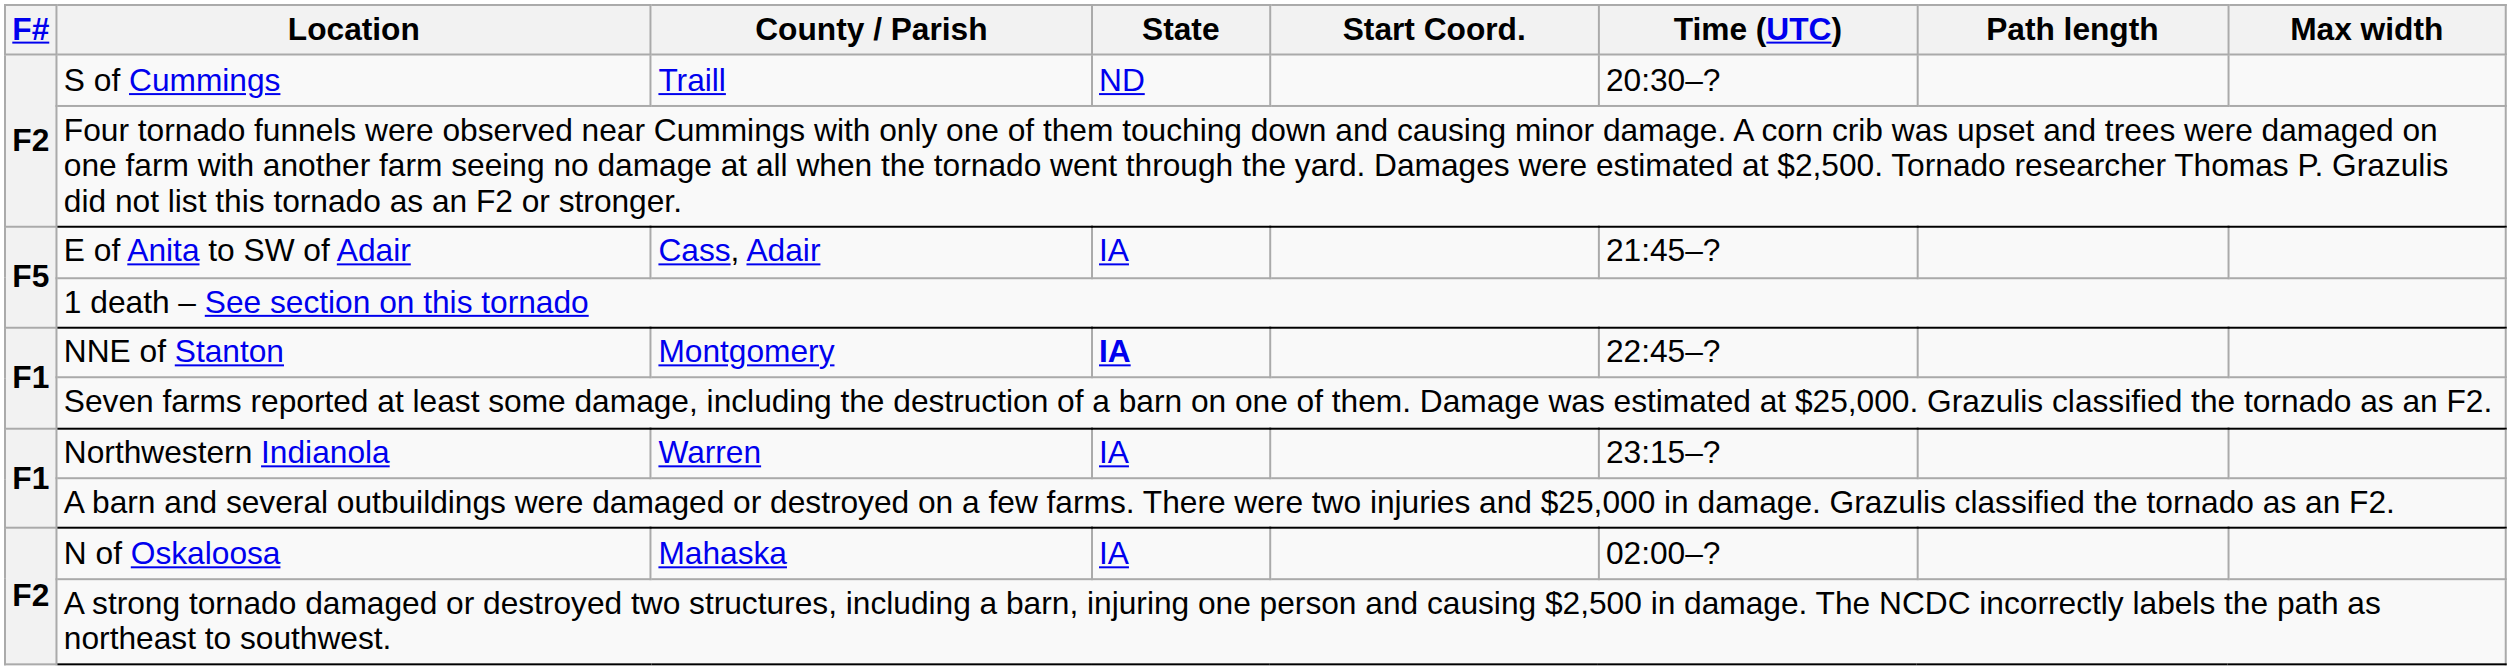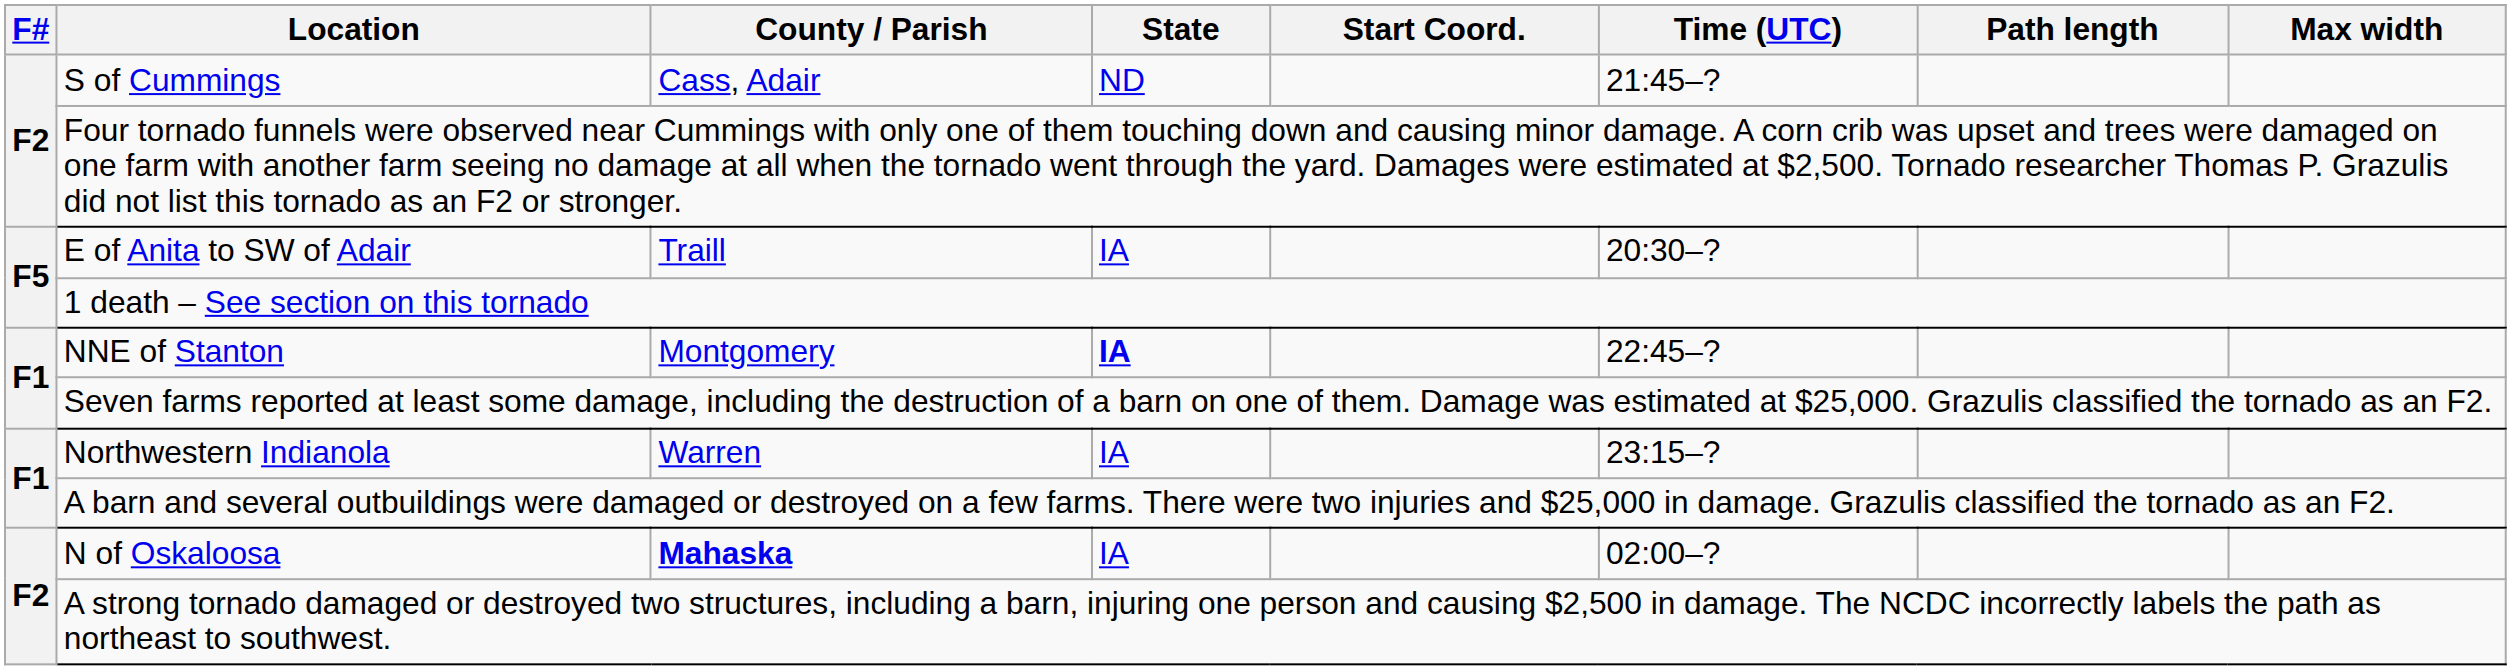 <table class="wikitable sortable" style="width:100%;">
 <tr>
 <th scope="col" width="2%" align="center"><a href='#'>F#</a></th>
 <th scope="col" align="center" class="unsortable">Location</th>
 <th scope="col" align="center" class="unsortable">County / Parish</th>
 <th scope="col" align="center">State</th>
 <th scope="col" align="center">Start Coord.</th>
 <th scope="col" align="center">Time (<a href='#'>UTC</a>)</th>
 <th scope="col" align="center">Path length</th>
 <th scope="col" align="center">Max width</th>
 </tr>
 <tr>
 <th scope="row" rowspan="2" style="background-color:#">F2</th>
 <td>S of <a href='#'>Cummings</a></td>
-<td><a href='#'>Traill</a></td>
+<td><a href='#'>Cass</a>, <a href='#'>Adair</a></td>
 <td><a href='#'>ND</a></td>
 <td></td>
-<td>20:30–?</td>
+<td>21:45–?</td>
 <td></td>
 <td></td>
 </tr>
 <tr class="expand-child">
 <td colspan="8" style=" border-bottom: 1px solid black;">Four tornado funnels were observed near Cummings with only one of them touching down and causing minor damage. A corn crib was upset and trees were damaged on one farm with another farm seeing no damage at all when the tornado went through the yard. Damages were estimated at $2,500. Tornado researcher Thomas P. Grazulis did not list this tornado as an F2 or stronger.</td>
 </tr>
 <tr>
 <th scope="row" rowspan="2" style="background-color:#">F5</th>
 <td>E of <a href='#'>Anita</a> to SW of <a href='#'>Adair</a></td>
-<td><a href='#'>Cass</a>, <a href='#'>Adair</a></td>
+<td><a href='#'>Traill</a></td>
 <td><a href='#'>IA</a></td>
 <td></td>
-<td>21:45–?</td>
+<td>20:30–?</td>
 <td></td>
 <td></td>
 </tr>
 <tr class="expand-child">
 <td colspan="8" style=" border-bottom: 1px solid black;">1 death – <a href='#'>See section on this tornado</a></td>
 </tr>
 <tr>
 <th scope="row" rowspan="2" style="background-color:#">F1</th>
 <td>NNE of <a href='#'>Stanton</a></td>
 <td><a href='#'>Montgomery</a></td>
 <td><strong><a href='#'>IA</a></strong></td>
 <td></td>
 <td>22:45–?</td>
 <td></td>
 <td></td>
 </tr>
 <tr class="expand-child">
 <td colspan="8" style=" border-bottom: 1px solid black;">Seven farms reported at least some damage, including the destruction of a barn on one of them. Damage was estimated at $25,000. Grazulis classified the tornado as an F2.</td>
 </tr>
 <tr>
 <th scope="row" rowspan="2" style="background-color:#">F1</th>
 <td>Northwestern <a href='#'>Indianola</a></td>
 <td><a href='#'>Warren</a></td>
 <td><a href='#'>IA</a></td>
 <td></td>
 <td>23:15–?</td>
 <td></td>
 <td></td>
 </tr>
 <tr class="expand-child">
 <td colspan="8" style=" border-bottom: 1px solid black;">A barn and several outbuildings were damaged or destroyed on a few farms. There were two injuries and $25,000 in damage. Grazulis classified the tornado as an F2.</td>
 </tr>
 <tr>
 <th scope="row" rowspan="2" style="background-color:#">F2</th>
 <td>N of <a href='#'>Oskaloosa</a></td>
-<td><a href='#'>Mahaska</a></td>
+<td><strong><a href='#'>Mahaska</a></strong></td>
 <td><a href='#'>IA</a></td>
 <td></td>
 <td>02:00–?</td>
 <td></td>
 <td></td>
 </tr>
 <tr class="expand-child">
 <td colspan="8" style=" border-bottom: 1px solid black;">A strong tornado damaged or destroyed two structures, including a barn, injuring one person and causing $2,500 in damage. The NCDC incorrectly labels the path as northeast to southwest.</td>
 </tr>
 </table>
